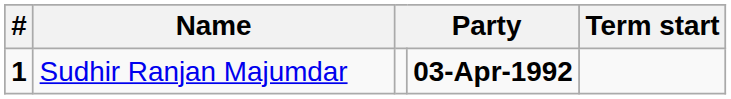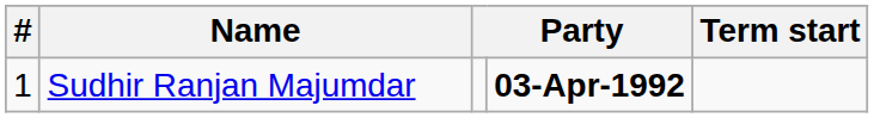 <table class="wikitable">
 <tr>
 <th>#</th>
 <th style="width:200px">Name</th>
 <th colspan="2">Party</th>
 <th>Term start</th>
 </tr>
 <tr>
-<td><strong>1</strong></td>
+<td>1</td>
 <td><a href='#'>Sudhir Ranjan Majumdar</a></td>
 <td></td>
 <td><strong>03-Apr-1992</strong></td>
 </tr>
 </table>
